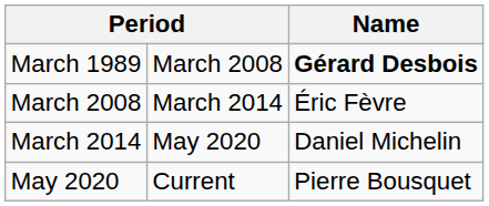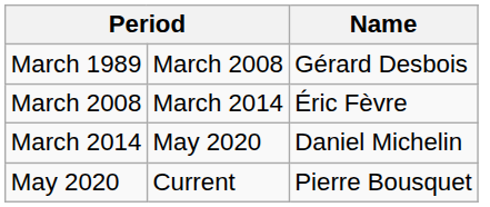 <table class="wikitable">
 <tr>
 <th colspan="2">Period</th>
 <th>Name</th>
 </tr>
 <tr>
 <td>March 1989</td>
 <td>March 2008</td>
-<td><strong>Gérard Desbois</strong></td>
+<td>Gérard Desbois</td>
 </tr>
 <tr>
 <td>March 2008</td>
 <td>March 2014</td>
 <td>Éric Fèvre</td>
 </tr>
 <tr>
 <td>March 2014</td>
 <td>May 2020</td>
 <td>Daniel Michelin</td>
 </tr>
 <tr>
 <td>May 2020</td>
 <td>Current</td>
 <td>Pierre Bousquet</td>
 </tr>
 </table>
